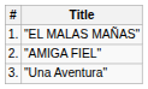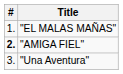 <table class="wikitable">
 <tr>
 <th>#</th>
 <th>Title</th>
 </tr>
 <tr>
 <td>1.</td>
 <td>"EL MALAS MAÑAS"</td>
 </tr>
 <tr>
-<td>2.</td>
+<td><strong>2.</strong></td>
 <td>"AMIGA FIEL"</td>
 </tr>
 <tr>
 <td>3.</td>
 <td>"Una Aventura"</td>
 </tr>
 </table>
